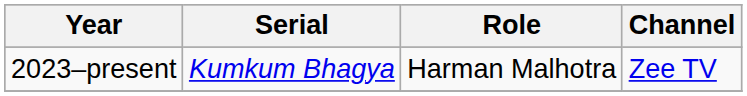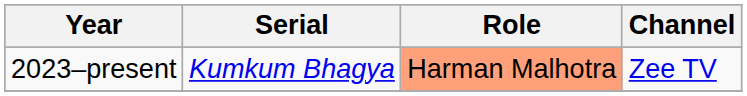 <table class = "wikitable sortable">
 <tr>
 <th>Year</th>
 <th>Serial</th>
 <th>Role</th>
 <th>Channel</th>
 </tr>
 <tr>
 <td>2023–present</td>
 <td><em><a href='#'>Kumkum Bhagya</a></em></td>
-<td>Harman Malhotra</td>
+<td style="background: lightsalmon;">Harman Malhotra</td>
 <td><a href='#'>Zee TV</a></td>
 </tr>
 <tr>
 </tr>
 </table>
